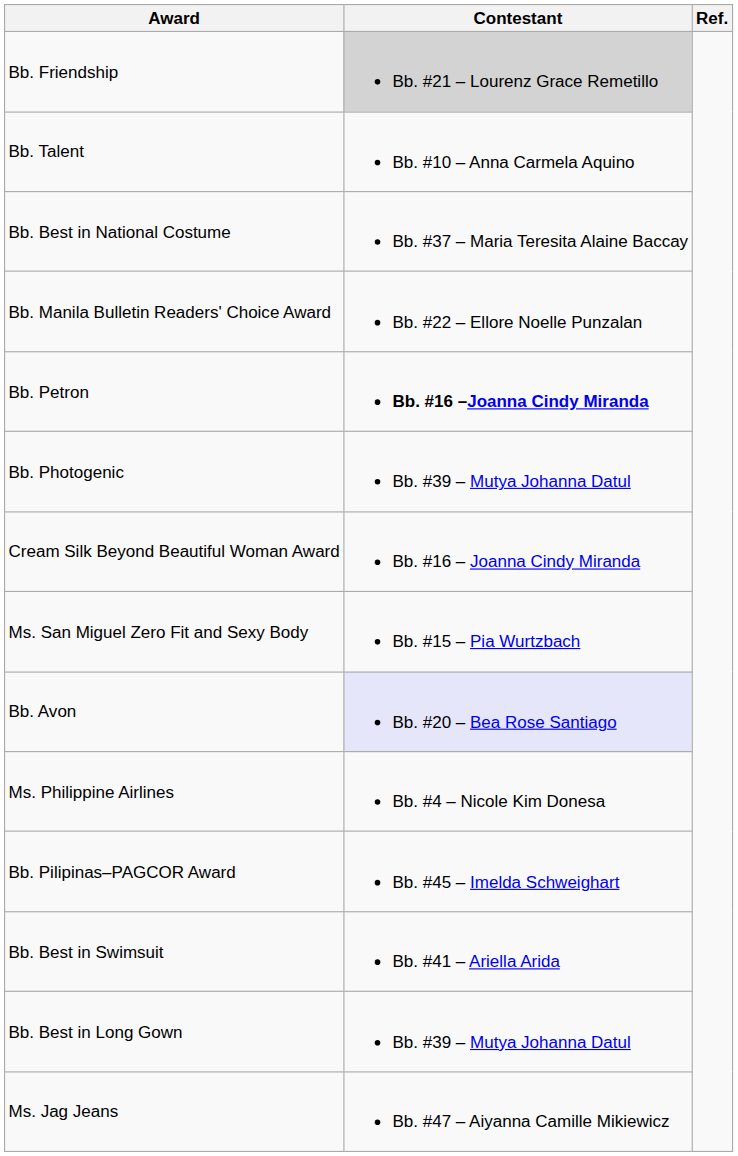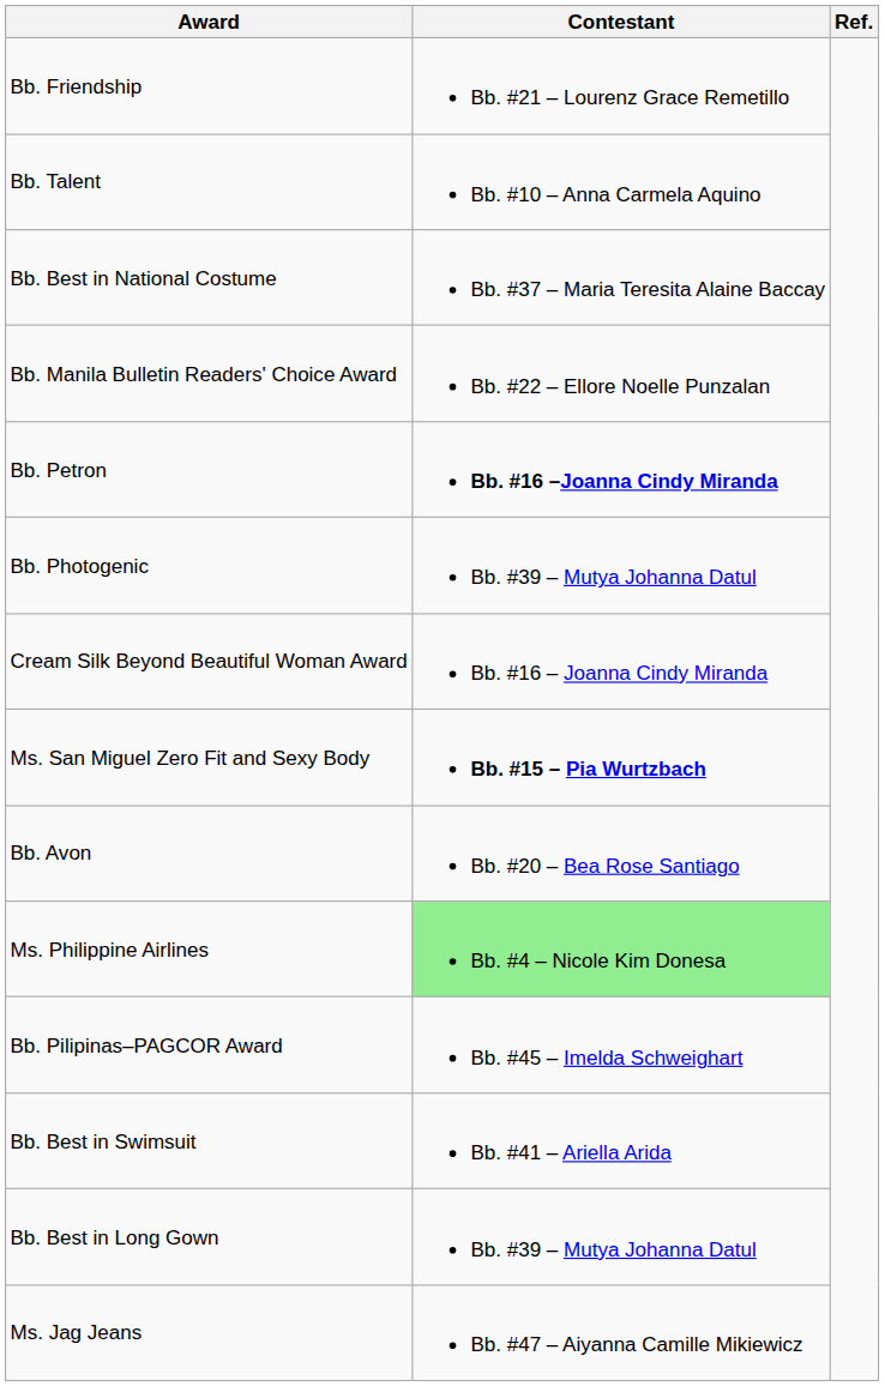 <table class="wikitable sortable" style="font-size: 95%;">
 <tr>
 <th>Award</th>
 <th>Contestant</th>
 <th>Ref.</th>
 </tr>
 <tr>
 <td>Bb. Friendship</td>
-<td style="background: lightgrey;"><br><ul><li>Bb. #21 – Lourenz Grace Remetillo</li></ul></td>
+<td><br><ul><li>Bb. #21 – Lourenz Grace Remetillo</li></ul></td>
 <td rowspan="14"></td>
 </tr>
 <tr>
 <td>Bb. Talent</td>
 <td><br><ul><li>Bb. #10 – Anna Carmela Aquino</li></ul></td>
 </tr>
 <tr>
 <td>Bb. Best in National Costume</td>
 <td><br><ul><li>Bb. #37 – Maria Teresita Alaine Baccay</li></ul></td>
 </tr>
 <tr>
 <td>Bb. Manila Bulletin Readers' Choice Award</td>
 <td><br><ul><li>Bb. #22 – Ellore Noelle Punzalan</li></ul></td>
 </tr>
 <tr>
 <td>Bb. Petron</td>
 <td><strong><br><ul><li>Bb. #16 –<a href='#'>Joanna Cindy Miranda</a></li></ul></strong></td>
 </tr>
 <tr>
 <td>Bb. Photogenic</td>
 <td><br><ul><li>Bb. #39 – <a href='#'>Mutya Johanna Datul</a></li></ul></td>
 </tr>
 <tr>
 <td>Cream Silk Beyond Beautiful Woman Award</td>
 <td><br><ul><li>Bb. #16 – <a href='#'>Joanna Cindy Miranda</a></li></ul></td>
 </tr>
 <tr>
 <td>Ms. San Miguel Zero Fit and Sexy Body</td>
-<td><br><ul><li>Bb. #15 – <a href='#'>Pia Wurtzbach</a></li></ul></td>
+<td><strong><br><ul><li>Bb. #15 – <a href='#'>Pia Wurtzbach</a></li></ul></strong></td>
 </tr>
 <tr>
 <td>Bb. Avon</td>
-<td style="background: lavender;"><br><ul><li>Bb. #20 – <a href='#'>Bea Rose Santiago</a></li></ul></td>
+<td><br><ul><li>Bb. #20 – <a href='#'>Bea Rose Santiago</a></li></ul></td>
 </tr>
 <tr>
 <td>Ms. Philippine Airlines</td>
-<td><br><ul><li>Bb. #4 – Nicole Kim Donesa</li></ul></td>
+<td style="background: lightgreen;"><br><ul><li>Bb. #4 – Nicole Kim Donesa</li></ul></td>
 </tr>
 <tr>
 <td>Bb. Pilipinas–PAGCOR Award</td>
 <td><br><ul><li>Bb. #45 – <a href='#'>Imelda Schweighart</a></li></ul></td>
 </tr>
 <tr>
 <td>Bb. Best in Swimsuit</td>
 <td><br><ul><li>Bb. #41 – <a href='#'>Ariella Arida</a></li></ul></td>
 </tr>
 <tr>
 <td>Bb. Best in Long Gown</td>
 <td><br><ul><li>Bb. #39 – <a href='#'>Mutya Johanna Datul</a></li></ul></td>
 </tr>
 <tr>
 <td>Ms. Jag Jeans</td>
 <td><br><ul><li>Bb. #47 – Aiyanna Camille Mikiewicz</li></ul></td>
 </tr>
 </table>
